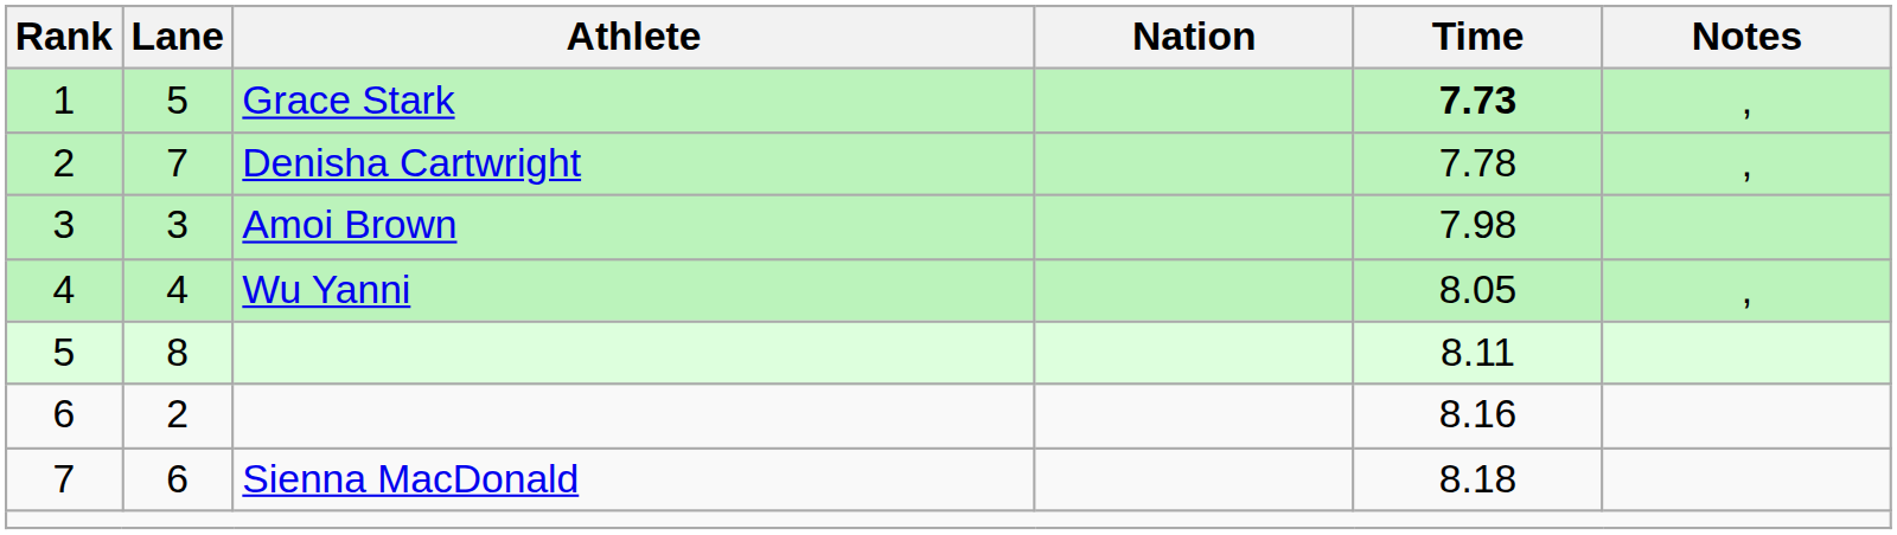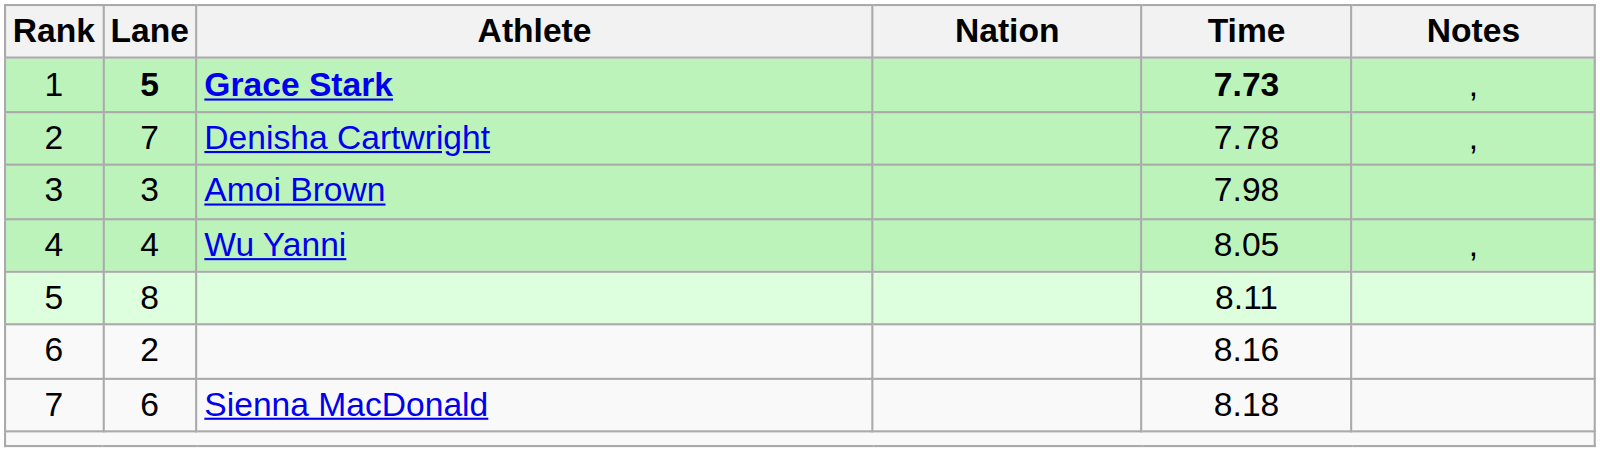 <table class="wikitable sortable" style="text-align:center;width: 60%;">
 <tr>
 <th scope="col" style="width: 10px;">Rank</th>
 <th scope="col" style="width: 10px;">Lane</th>
 <th scope="col">Athlete</th>
 <th scope="col">Nation</th>
 <th scope="col">Time</th>
 <th scope="col">Notes</th>
 </tr>
 <tr bgcolor=bbf3bb>
 <td>1</td>
-<td>5</td>
-<td align=left><a href='#'>Grace Stark</a></td>
+<td><strong>5</strong></td>
+<td align=left><strong><a href='#'>Grace Stark</a></strong></td>
 <td align=left></td>
 <td><strong>7.73</strong></td>
 <td>, </td>
 </tr>
 <tr bgcolor=bbf3bb>
 <td>2</td>
 <td>7</td>
 <td align=left><a href='#'>Denisha Cartwright</a></td>
 <td align=left></td>
 <td>7.78</td>
 <td>, </td>
 </tr>
 <tr bgcolor=bbf3bb>
 <td>3</td>
 <td>3</td>
 <td align=left><a href='#'>Amoi Brown</a></td>
 <td align=left></td>
 <td>7.98</td>
 <td></td>
 </tr>
 <tr bgcolor=bbf3bb>
 <td>4</td>
 <td>4</td>
 <td align=left><a href='#'>Wu Yanni</a></td>
 <td align=left></td>
 <td>8.05</td>
 <td>, </td>
 </tr>
 <tr bgcolor=ddffdd>
 <td>5</td>
 <td>8</td>
 <td align=left></td>
 <td align=left></td>
 <td>8.11</td>
 <td></td>
 </tr>
 <tr>
 <td>6</td>
 <td>2</td>
 <td align=left></td>
 <td align=left></td>
 <td>8.16</td>
 <td></td>
 </tr>
 <tr>
 <td>7</td>
 <td>6</td>
 <td align=left><a href='#'>Sienna MacDonald</a></td>
 <td align=left></td>
 <td>8.18</td>
 <td></td>
 </tr>
 <tr class="sortbottom">
 <td colspan="6"></td>
 </tr>
 </table>
